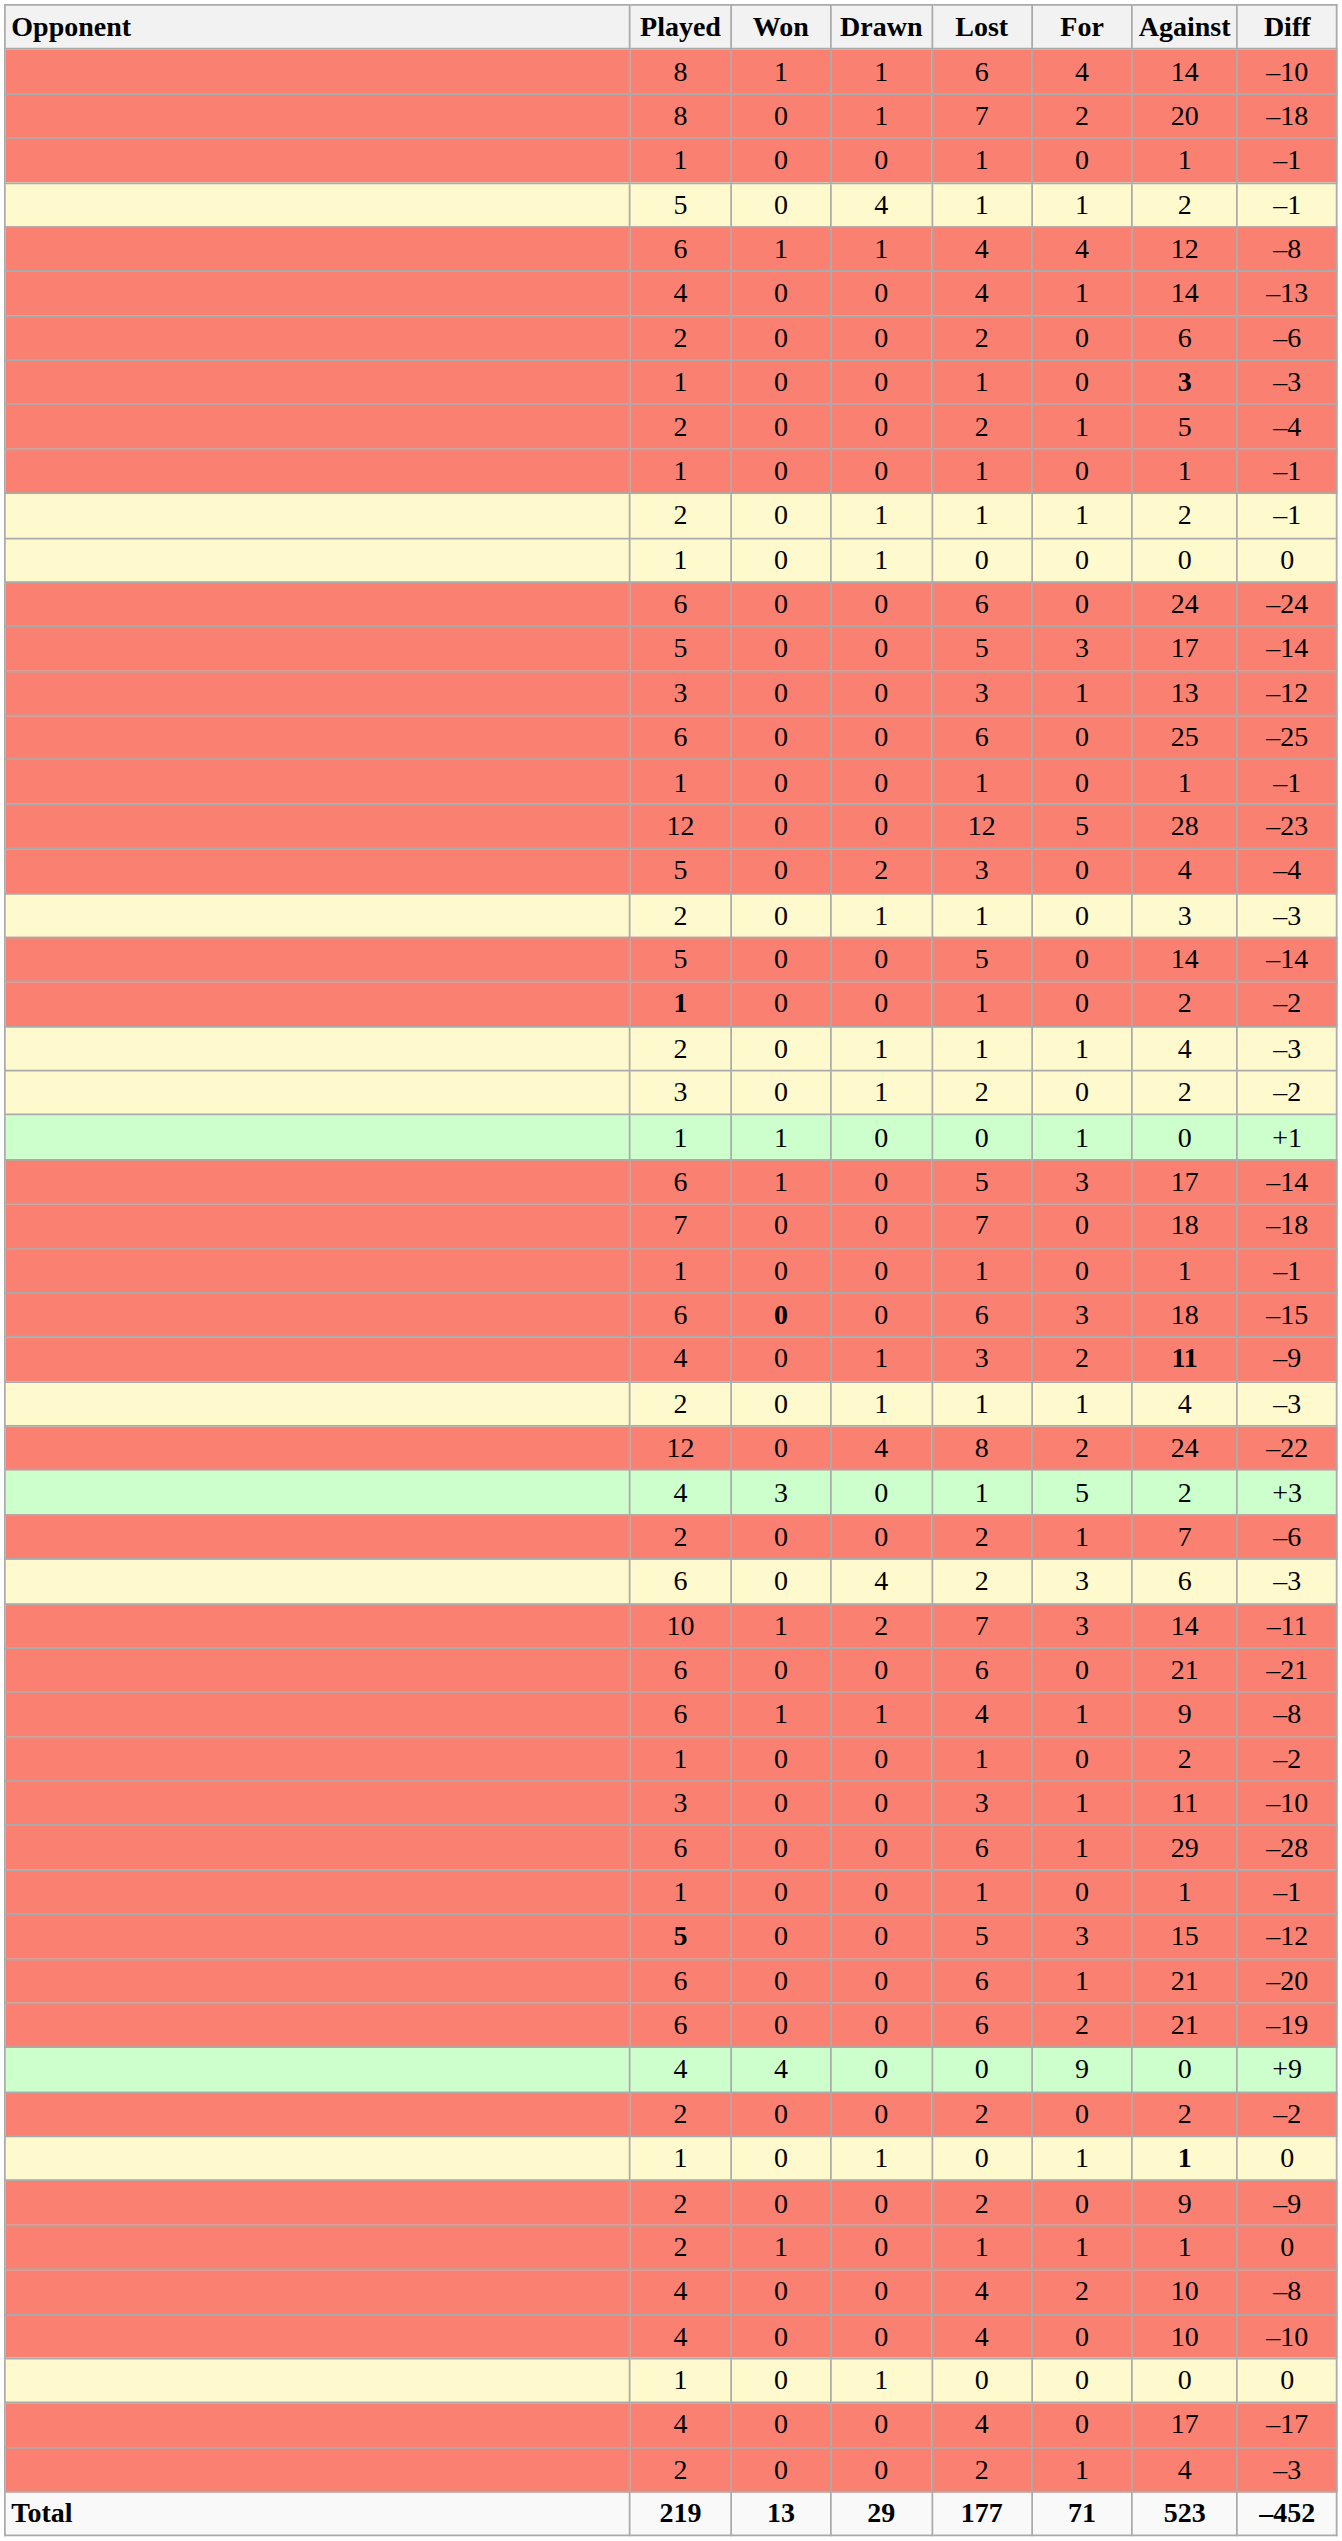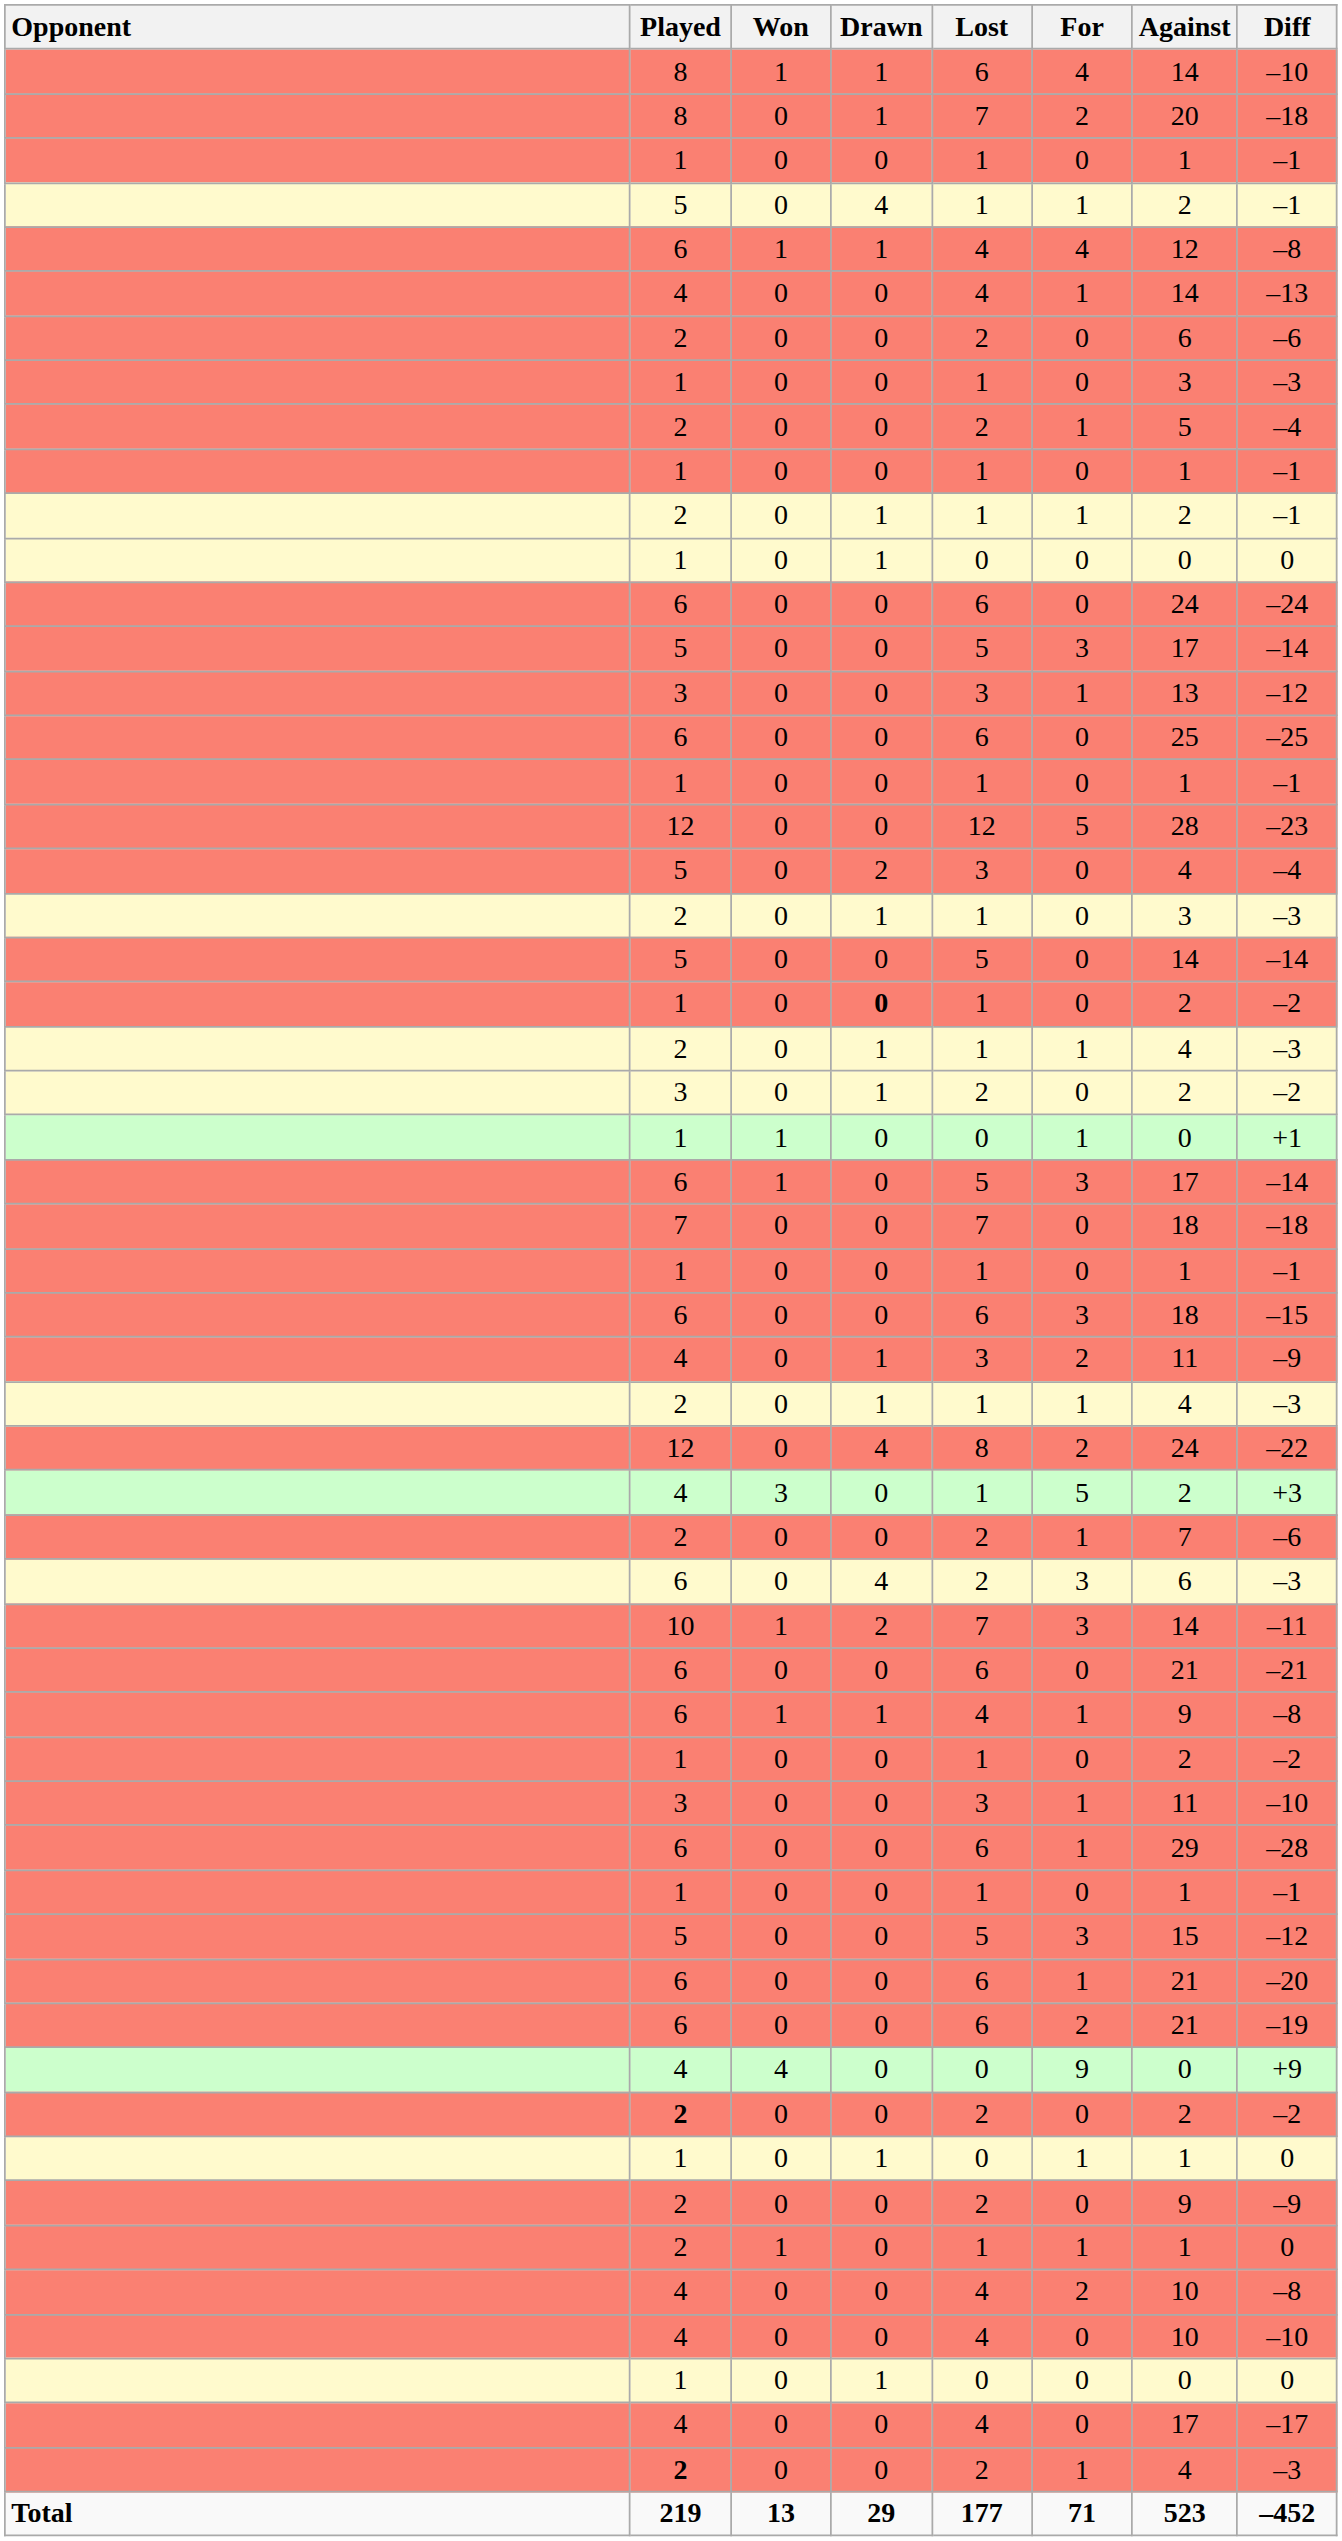 <table class="wikitable sortable" style="text-align:center;">
 <tr>
 <th style="width:350px; text-align:left;">Opponent</th>
 <th style="width:50px;">Played</th>
 <th style="width:50px;">Won</th>
 <th style="width:50px;">Drawn</th>
 <th style="width:50px;">Lost</th>
 <th style="width:50px;">For</th>
 <th style="width:50px;">Against</th>
 <th style="width:50px;">Diff</th>
 </tr>
 <tr bgcolor=Salmon>
 <td style="text-align:left;"><strong></strong></td>
 <td>8</td>
 <td>1</td>
 <td>1</td>
 <td>6</td>
 <td>4</td>
 <td>14</td>
 <td>–10</td>
 </tr>
 <tr bgcolor=Salmon>
 <td style="text-align:left;"><strong></strong></td>
 <td>8</td>
 <td>0</td>
 <td>1</td>
 <td>7</td>
 <td>2</td>
 <td>20</td>
 <td>–18</td>
 </tr>
 <tr bgcolor=Salmon>
 <td style="text-align:left;"><strong></strong></td>
 <td>1</td>
 <td>0</td>
 <td>0</td>
 <td>1</td>
 <td>0</td>
 <td>1</td>
 <td>–1</td>
 </tr>
 <tr bgcolor=LemonChiffon>
 <td style="text-align:left;"><strong></strong></td>
 <td>5</td>
 <td>0</td>
 <td>4</td>
 <td>1</td>
 <td>1</td>
 <td>2</td>
 <td>–1</td>
 </tr>
 <tr bgcolor=Salmon>
 <td style="text-align:left;"><strong></strong></td>
 <td>6</td>
 <td>1</td>
 <td>1</td>
 <td>4</td>
 <td>4</td>
 <td>12</td>
 <td>–8</td>
 </tr>
 <tr bgcolor=Salmon>
 <td style="text-align:left;"><strong></strong></td>
 <td>4</td>
 <td>0</td>
 <td>0</td>
 <td>4</td>
 <td>1</td>
 <td>14</td>
 <td>–13</td>
 </tr>
 <tr bgcolor=Salmon>
 <td style="text-align:left;"><strong></strong></td>
 <td>2</td>
 <td>0</td>
 <td>0</td>
 <td>2</td>
 <td>0</td>
 <td>6</td>
 <td>–6</td>
 </tr>
 <tr bgcolor=Salmon>
 <td style="text-align:left;"><strong></strong></td>
 <td>1</td>
 <td>0</td>
 <td>0</td>
 <td>1</td>
 <td>0</td>
-<td><strong>3</strong></td>
+<td>3</td>
 <td>–3</td>
 </tr>
 <tr bgcolor=Salmon>
 <td style="text-align:left;"><strong></strong></td>
 <td>2</td>
 <td>0</td>
 <td>0</td>
 <td>2</td>
 <td>1</td>
 <td>5</td>
 <td>–4</td>
 </tr>
 <tr bgcolor=Salmon>
 <td style="text-align:left;"><strong></strong></td>
 <td>1</td>
 <td>0</td>
 <td>0</td>
 <td>1</td>
 <td>0</td>
 <td>1</td>
 <td>–1</td>
 </tr>
 <tr bgcolor=LemonChiffon>
 <td style="text-align:left;"><strong></strong></td>
 <td>2</td>
 <td>0</td>
 <td>1</td>
 <td>1</td>
 <td>1</td>
 <td>2</td>
 <td>–1</td>
 </tr>
 <tr bgcolor=LemonChiffon>
 <td style="text-align:left;"><strong></strong></td>
 <td>1</td>
 <td>0</td>
 <td>1</td>
 <td>0</td>
 <td>0</td>
 <td>0</td>
 <td>0</td>
 </tr>
 <tr bgcolor=Salmon>
 <td style="text-align:left;"><strong></strong></td>
 <td>6</td>
 <td>0</td>
 <td>0</td>
 <td>6</td>
 <td>0</td>
 <td>24</td>
 <td>–24</td>
 </tr>
 <tr bgcolor=Salmon>
 <td style="text-align:left;"><strong></strong></td>
 <td>5</td>
 <td>0</td>
 <td>0</td>
 <td>5</td>
 <td>3</td>
 <td>17</td>
 <td>–14</td>
 </tr>
 <tr bgcolor=Salmon>
 <td style="text-align:left;"><strong></strong></td>
 <td>3</td>
 <td>0</td>
 <td>0</td>
 <td>3</td>
 <td>1</td>
 <td>13</td>
 <td>–12</td>
 </tr>
 <tr bgcolor=Salmon>
 <td style="text-align:left;"><strong></strong></td>
 <td>6</td>
 <td>0</td>
 <td>0</td>
 <td>6</td>
 <td>0</td>
 <td>25</td>
 <td>–25</td>
 </tr>
 <tr bgcolor=Salmon>
 <td style="text-align:left;"><strong></strong></td>
 <td>1</td>
 <td>0</td>
 <td>0</td>
 <td>1</td>
 <td>0</td>
 <td>1</td>
 <td>–1</td>
 </tr>
 <tr bgcolor=Salmon>
 <td style="text-align:left;"><strong></strong></td>
 <td>12</td>
 <td>0</td>
 <td>0</td>
 <td>12</td>
 <td>5</td>
 <td>28</td>
 <td>–23</td>
 </tr>
 <tr bgcolor=Salmon>
 <td style="text-align:left;"><strong></strong></td>
 <td>5</td>
 <td>0</td>
 <td>2</td>
 <td>3</td>
 <td>0</td>
 <td>4</td>
 <td>–4</td>
 </tr>
 <tr bgcolor=LemonChiffon>
 <td style="text-align:left;"><strong></strong></td>
 <td>2</td>
 <td>0</td>
 <td>1</td>
 <td>1</td>
 <td>0</td>
 <td>3</td>
 <td>–3</td>
 </tr>
 <tr bgcolor=Salmon>
 <td style="text-align:left;"><strong></strong></td>
 <td>5</td>
 <td>0</td>
 <td>0</td>
 <td>5</td>
 <td>0</td>
 <td>14</td>
 <td>–14</td>
 </tr>
 <tr bgcolor=Salmon>
 <td style="text-align:left;"><strong></strong></td>
-<td><strong>1</strong></td>
+<td>1</td>
 <td>0</td>
-<td>0</td>
+<td><strong>0</strong></td>
 <td>1</td>
 <td>0</td>
 <td>2</td>
 <td>–2</td>
 </tr>
 <tr bgcolor=LemonChiffon>
 <td style="text-align:left;"><strong></strong></td>
 <td>2</td>
 <td>0</td>
 <td>1</td>
 <td>1</td>
 <td>1</td>
 <td>4</td>
 <td>–3</td>
 </tr>
 <tr bgcolor=LemonChiffon>
 <td style="text-align:left;"><strong></strong></td>
 <td>3</td>
 <td>0</td>
 <td>1</td>
 <td>2</td>
 <td>0</td>
 <td>2</td>
 <td>–2</td>
 </tr>
 <tr bgcolor=#ccffcc>
 <td style="text-align:left;"><strong></strong></td>
 <td>1</td>
 <td>1</td>
 <td>0</td>
 <td>0</td>
 <td>1</td>
 <td>0</td>
 <td>+1</td>
 </tr>
 <tr bgcolor=Salmon>
 <td style="text-align:left;"><strong></strong></td>
 <td>6</td>
 <td>1</td>
 <td>0</td>
 <td>5</td>
 <td>3</td>
 <td>17</td>
 <td>–14</td>
 </tr>
 <tr bgcolor=Salmon>
 <td style="text-align:left;"><strong></strong></td>
 <td>7</td>
 <td>0</td>
 <td>0</td>
 <td>7</td>
 <td>0</td>
 <td>18</td>
 <td>–18</td>
 </tr>
 <tr bgcolor=Salmon>
 <td style="text-align:left;"><strong></strong></td>
 <td>1</td>
 <td>0</td>
 <td>0</td>
 <td>1</td>
 <td>0</td>
 <td>1</td>
 <td>–1</td>
 </tr>
 <tr bgcolor=Salmon>
 <td style="text-align:left;"><strong></strong></td>
 <td>6</td>
-<td><strong>0</strong></td>
+<td>0</td>
 <td>0</td>
 <td>6</td>
 <td>3</td>
 <td>18</td>
 <td>–15</td>
 </tr>
 <tr bgcolor=Salmon>
 <td style="text-align:left;"><strong></strong></td>
 <td>4</td>
 <td>0</td>
 <td>1</td>
 <td>3</td>
 <td>2</td>
-<td><strong>11</strong></td>
+<td>11</td>
 <td>–9</td>
 </tr>
 <tr bgcolor=LemonChiffon>
 <td style="text-align:left;"><strong></strong></td>
 <td>2</td>
 <td>0</td>
 <td>1</td>
 <td>1</td>
 <td>1</td>
 <td>4</td>
 <td>–3</td>
 </tr>
 <tr bgcolor=Salmon>
 <td style="text-align:left;"><strong></strong></td>
 <td>12</td>
 <td>0</td>
 <td>4</td>
 <td>8</td>
 <td>2</td>
 <td>24</td>
 <td>–22</td>
 </tr>
 <tr bgcolor=#ccffcc>
 <td style="text-align:left;"><strong></strong></td>
 <td>4</td>
 <td>3</td>
 <td>0</td>
 <td>1</td>
 <td>5</td>
 <td>2</td>
 <td>+3</td>
 </tr>
 <tr bgcolor=Salmon>
 <td style="text-align:left;"><strong></strong></td>
 <td>2</td>
 <td>0</td>
 <td>0</td>
 <td>2</td>
 <td>1</td>
 <td>7</td>
 <td>–6</td>
 </tr>
 <tr bgcolor=LemonChiffon>
 <td style="text-align:left;"><strong></strong></td>
 <td>6</td>
 <td>0</td>
 <td>4</td>
 <td>2</td>
 <td>3</td>
 <td>6</td>
 <td>–3</td>
 </tr>
 <tr bgcolor=Salmon>
 <td style="text-align:left;"><strong></strong></td>
 <td>10</td>
 <td>1</td>
 <td>2</td>
 <td>7</td>
 <td>3</td>
 <td>14</td>
 <td>–11</td>
 </tr>
 <tr bgcolor=Salmon>
 <td style="text-align:left;"><strong></strong></td>
 <td>6</td>
 <td>0</td>
 <td>0</td>
 <td>6</td>
 <td>0</td>
 <td>21</td>
 <td>–21</td>
 </tr>
 <tr bgcolor=Salmon>
 <td style="text-align:left;"><strong></strong></td>
 <td>6</td>
 <td>1</td>
 <td>1</td>
 <td>4</td>
 <td>1</td>
 <td>9</td>
 <td>–8</td>
 </tr>
 <tr bgcolor=Salmon>
 <td style="text-align:left;"><strong></strong></td>
 <td>1</td>
 <td>0</td>
 <td>0</td>
 <td>1</td>
 <td>0</td>
 <td>2</td>
 <td>–2</td>
 </tr>
 <tr bgcolor=Salmon>
 <td style="text-align:left;"><strong></strong></td>
 <td>3</td>
 <td>0</td>
 <td>0</td>
 <td>3</td>
 <td>1</td>
 <td>11</td>
 <td>–10</td>
 </tr>
 <tr bgcolor=Salmon>
 <td style="text-align:left;"><strong></strong></td>
 <td>6</td>
 <td>0</td>
 <td>0</td>
 <td>6</td>
 <td>1</td>
 <td>29</td>
 <td>–28</td>
 </tr>
 <tr bgcolor=Salmon>
 <td style="text-align:left;"><strong></strong></td>
 <td>1</td>
 <td>0</td>
 <td>0</td>
 <td>1</td>
 <td>0</td>
 <td>1</td>
 <td>–1</td>
 </tr>
 <tr bgcolor=Salmon>
 <td style="text-align:left;"><strong></strong></td>
-<td><strong>5</strong></td>
+<td>5</td>
 <td>0</td>
 <td>0</td>
 <td>5</td>
 <td>3</td>
 <td>15</td>
 <td>–12</td>
 </tr>
 <tr bgcolor=Salmon>
 <td style="text-align:left;"><strong></strong></td>
 <td>6</td>
 <td>0</td>
 <td>0</td>
 <td>6</td>
 <td>1</td>
 <td>21</td>
 <td>–20</td>
 </tr>
 <tr bgcolor=Salmon>
 <td style="text-align:left;"><strong></strong></td>
 <td>6</td>
 <td>0</td>
 <td>0</td>
 <td>6</td>
 <td>2</td>
 <td>21</td>
 <td>–19</td>
 </tr>
 <tr bgcolor=#ccffcc>
 <td style="text-align:left;"><strong></strong></td>
 <td>4</td>
 <td>4</td>
 <td>0</td>
 <td>0</td>
 <td>9</td>
 <td>0</td>
 <td>+9</td>
 </tr>
 <tr bgcolor=Salmon>
 <td style="text-align:left;"><strong></strong></td>
-<td>2</td>
+<td><strong>2</strong></td>
 <td>0</td>
 <td>0</td>
 <td>2</td>
 <td>0</td>
 <td>2</td>
 <td>–2</td>
 </tr>
 <tr bgcolor=LemonChiffon>
 <td style="text-align:left;"><strong></strong></td>
 <td>1</td>
 <td>0</td>
 <td>1</td>
 <td>0</td>
 <td>1</td>
-<td><strong>1</strong></td>
+<td>1</td>
 <td>0</td>
 </tr>
 <tr bgcolor=Salmon>
 <td style="text-align:left;"><strong></strong></td>
 <td>2</td>
 <td>0</td>
 <td>0</td>
 <td>2</td>
 <td>0</td>
 <td>9</td>
 <td>–9</td>
 </tr>
 <tr bgcolor=Salmon>
 <td style="text-align:left;"><strong></strong></td>
 <td>2</td>
 <td>1</td>
 <td>0</td>
 <td>1</td>
 <td>1</td>
 <td>1</td>
 <td>0</td>
 </tr>
 <tr bgcolor=Salmon>
 <td style="text-align:left;"><strong></strong></td>
 <td>4</td>
 <td>0</td>
 <td>0</td>
 <td>4</td>
 <td>2</td>
 <td>10</td>
 <td>–8</td>
 </tr>
 <tr bgcolor=Salmon>
 <td style="text-align:left;"><strong></strong></td>
 <td>4</td>
 <td>0</td>
 <td>0</td>
 <td>4</td>
 <td>0</td>
 <td>10</td>
 <td>–10</td>
 </tr>
 <tr bgcolor=LemonChiffon>
 <td style="text-align:left;"><strong></strong></td>
 <td>1</td>
 <td>0</td>
 <td>1</td>
 <td>0</td>
 <td>0</td>
 <td>0</td>
 <td>0</td>
 </tr>
 <tr bgcolor=Salmon>
 <td style="text-align:left;"><strong></strong></td>
 <td>4</td>
 <td>0</td>
 <td>0</td>
 <td>4</td>
 <td>0</td>
 <td>17</td>
 <td>–17</td>
 </tr>
 <tr bgcolor=Salmon>
 <td style="text-align:left;"><strong></strong></td>
-<td>2</td>
+<td><strong>2</strong></td>
 <td>0</td>
 <td>0</td>
 <td>2</td>
 <td>1</td>
 <td>4</td>
 <td>–3</td>
 </tr>
 <tr>
 <td style="text-align:left;"><strong>Total</strong></td>
 <td><strong>219</strong></td>
 <td><strong>13</strong></td>
 <td><strong>29</strong></td>
 <td><strong>177</strong></td>
 <td><strong>71</strong></td>
 <td><strong>523</strong></td>
 <td><strong>–452</strong></td>
 </tr>
 </table>
